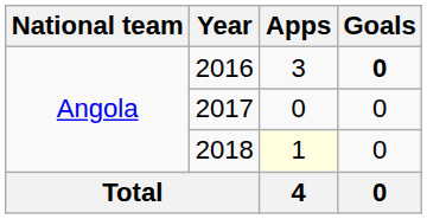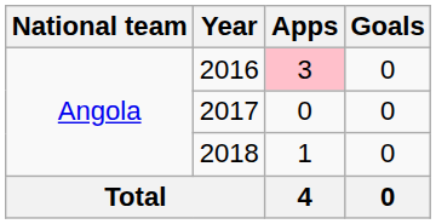 <table class="wikitable" style="text-align:center">
 <tr>
 <th>National team</th>
 <th>Year</th>
 <th>Apps</th>
 <th>Goals</th>
 </tr>
 <tr>
 <td rowspan="3"><a href='#'>Angola</a></td>
 <td>2016</td>
-<td>3</td>
-<td><strong>0</strong></td>
+<td style="background: pink;">3</td>
+<td>0</td>
 </tr>
 <tr>
 <td>2017</td>
 <td>0</td>
 <td>0</td>
 </tr>
 <tr>
 <td>2018</td>
-<td style="background: lightyellow;">1</td>
+<td>1</td>
 <td>0</td>
 </tr>
 <tr>
 <th colspan=2>Total</th>
 <th>4</th>
 <th>0</th>
 </tr>
 </table>
